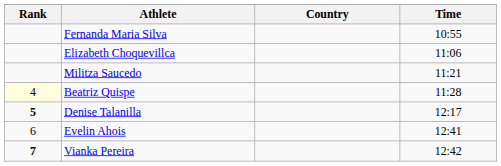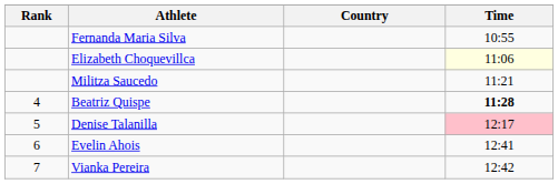 <table class="wikitable sortable" style=" text-align:center; font-size:95%;" width="50%">
 <tr>
 </tr>
 <tr>
 <th width=5%>Rank</th>
 <th width=20%>Athlete</th>
 <th width=15%>Country</th>
 <th width=10%>Time</th>
 </tr>
 <tr>
 <td align=center></td>
 <td align=left><a href='#'>Fernanda Maria Silva</a></td>
 <td align=left></td>
 <td>10:55</td>
 </tr>
 <tr>
 <td align=center></td>
 <td align=left><a href='#'>Elizabeth Choquevillca</a></td>
 <td align=left></td>
-<td>11:06</td>
+<td style="background: lightyellow;">11:06</td>
 </tr>
 <tr>
 <td align=center></td>
 <td align=left><a href='#'>Militza Saucedo</a></td>
 <td align=left></td>
 <td>11:21</td>
 </tr>
 <tr>
-<td align=center style="background: lightyellow;">4</td>
+<td align=center>4</td>
 <td align=left><a href='#'>Beatriz Quispe</a></td>
 <td align=left></td>
-<td>11:28</td>
+<td><strong>11:28</strong></td>
 </tr>
 <tr>
-<td align=center><strong>5</strong></td>
+<td align=center>5</td>
 <td align=left><a href='#'>Denise Talanilla</a></td>
 <td align=left></td>
-<td>12:17</td>
+<td style="background: pink;">12:17</td>
 </tr>
 <tr>
 <td align=center>6</td>
 <td align=left><a href='#'>Evelin Ahois</a></td>
 <td align=left></td>
 <td>12:41</td>
 </tr>
 <tr>
-<td align=center><strong>7</strong></td>
+<td align=center>7</td>
 <td align=left><a href='#'>Vianka Pereira</a></td>
 <td align=left></td>
 <td>12:42</td>
 </tr>
 </table>
